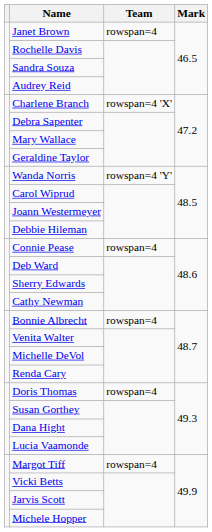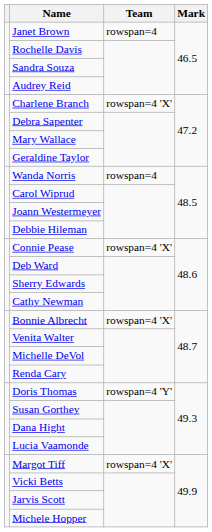 <table class=wikitable>
 <tr>
 <th></th>
 <th>Name</th>
 <th>Team</th>
 <th>Mark</th>
 </tr>
 <tr>
 <td rowspan=4></td>
 <td><a href='#'>Janet Brown</a></td>
 <td>rowspan=4 </td>
 <td rowspan=4>46.5</td>
 </tr>
 <tr>
 <td><a href='#'>Rochelle Davis</a></td>
 </tr>
 <tr>
 <td><a href='#'>Sandra Souza</a></td>
 </tr>
 <tr>
 <td><a href='#'>Audrey Reid</a></td>
 </tr>
 <tr>
 <td rowspan=4></td>
 <td><a href='#'>Charlene Branch</a></td>
 <td>rowspan=4  'X'</td>
 <td rowspan=4>47.2</td>
 </tr>
 <tr>
 <td><a href='#'>Debra Sapenter</a></td>
 </tr>
 <tr>
 <td><a href='#'>Mary Wallace</a></td>
 </tr>
 <tr>
 <td><a href='#'>Geraldine Taylor</a></td>
 </tr>
 <tr>
 <td rowspan=4></td>
 <td><a href='#'>Wanda Norris</a></td>
-<td>rowspan=4  'Y'</td>
+<td>rowspan=4 </td>
 <td rowspan=4>48.5</td>
 </tr>
 <tr>
 <td><a href='#'>Carol Wiprud</a></td>
 </tr>
 <tr>
 <td><a href='#'>Joann Westermeyer</a></td>
 </tr>
 <tr>
 <td><a href='#'>Debbie Hileman</a></td>
 </tr>
 <tr>
 <td rowspan=4></td>
 <td><a href='#'>Connie Pease</a></td>
-<td>rowspan=4 </td>
+<td>rowspan=4  'X'</td>
 <td rowspan=4>48.6</td>
 </tr>
 <tr>
 <td><a href='#'>Deb Ward</a></td>
 </tr>
 <tr>
 <td><a href='#'>Sherry Edwards</a></td>
 </tr>
 <tr>
 <td><a href='#'>Cathy Newman</a></td>
 </tr>
 <tr>
 <td rowspan=4></td>
 <td><a href='#'>Bonnie Albrecht</a></td>
-<td>rowspan=4 </td>
+<td>rowspan=4  'X'</td>
 <td rowspan=4>48.7</td>
 </tr>
 <tr>
 <td><a href='#'>Venita Walter</a></td>
 </tr>
 <tr>
 <td><a href='#'>Michelle DeVol</a></td>
 </tr>
 <tr>
 <td><a href='#'>Renda Cary</a></td>
 </tr>
 <tr>
 <td rowspan=4></td>
 <td><a href='#'>Doris Thomas</a></td>
-<td>rowspan=4 </td>
+<td>rowspan=4  'Y'</td>
 <td rowspan=4>49.3</td>
 </tr>
 <tr>
 <td><a href='#'>Susan Gorthey</a></td>
 </tr>
 <tr>
 <td><a href='#'>Dana Hight</a></td>
 </tr>
 <tr>
 <td><a href='#'>Lucia Vaamonde</a></td>
 </tr>
 <tr>
 <td rowspan=4></td>
 <td><a href='#'>Margot Tiff</a></td>
-<td>rowspan=4 </td>
+<td>rowspan=4  'X'</td>
 <td rowspan=4>49.9</td>
 </tr>
 <tr>
 <td><a href='#'>Vicki Betts</a></td>
 </tr>
 <tr>
 <td><a href='#'>Jarvis Scott</a></td>
 </tr>
 <tr>
 <td><a href='#'>Michele Hopper</a></td>
 </tr>
 </table>
